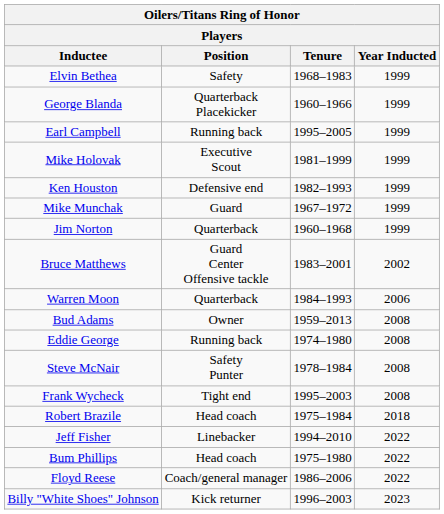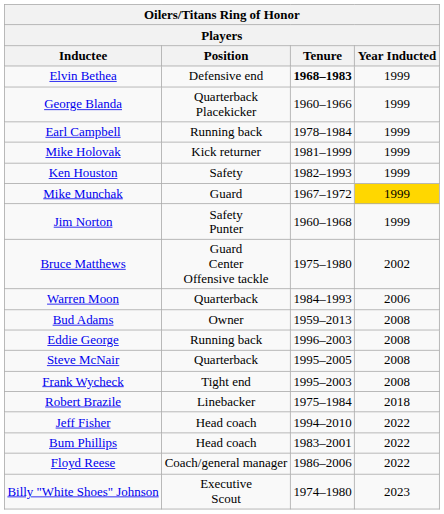 <table class="wikitable"  style="text-align:center">
 <tr>
 <th colspan="5">Oilers/Titans Ring of Honor</th>
 </tr>
 <tr>
 <th colspan="5">Players</th>
 </tr>
 <tr>
 <th scope="col">Inductee</th>
 <th scope="col">Position</th>
 <th scope="col">Tenure</th>
 <th scope="col">Year Inducted</th>
 </tr>
 <tr>
 <td><a href='#'>Elvin Bethea</a></td>
-<td>Safety</td>
-<td>1968–1983</td>
+<td>Defensive end</td>
+<td><strong>1968–1983</strong></td>
 <td>1999</td>
 </tr>
 <tr>
 <td><a href='#'>George Blanda</a></td>
 <td>Quarterback<br>Placekicker</td>
 <td>1960–1966</td>
 <td>1999</td>
 </tr>
 <tr>
 <td><a href='#'>Earl Campbell</a></td>
 <td>Running back</td>
-<td>1995–2005</td>
+<td>1978–1984</td>
 <td>1999</td>
 </tr>
 <tr>
 <td><a href='#'>Mike Holovak</a></td>
-<td>Executive<br>Scout</td>
+<td>Kick returner</td>
 <td>1981–1999</td>
 <td>1999</td>
 </tr>
 <tr>
 <td><a href='#'>Ken Houston</a></td>
-<td>Defensive end</td>
+<td>Safety</td>
 <td>1982–1993</td>
 <td>1999</td>
 </tr>
 <tr>
 <td><a href='#'>Mike Munchak</a></td>
 <td>Guard</td>
 <td>1967–1972</td>
-<td>1999</td>
+<td style="background: gold;">1999</td>
 </tr>
 <tr>
 <td><a href='#'>Jim Norton</a></td>
-<td>Quarterback</td>
+<td>Safety<br>Punter</td>
 <td>1960–1968</td>
 <td>1999</td>
 </tr>
 <tr>
 <td><a href='#'>Bruce Matthews</a></td>
 <td>Guard<br>Center<br>Offensive tackle</td>
-<td>1983–2001</td>
+<td>1975–1980</td>
 <td>2002</td>
 </tr>
 <tr>
 <td><a href='#'>Warren Moon</a></td>
 <td>Quarterback</td>
 <td>1984–1993</td>
 <td>2006</td>
 </tr>
 <tr>
 <td><a href='#'>Bud Adams</a></td>
 <td>Owner</td>
 <td>1959–2013</td>
 <td>2008</td>
 </tr>
 <tr>
 <td><a href='#'>Eddie George</a></td>
 <td>Running back</td>
-<td>1974–1980</td>
+<td>1996–2003</td>
 <td>2008</td>
 </tr>
 <tr>
 <td><a href='#'>Steve McNair</a></td>
-<td>Safety<br>Punter</td>
-<td>1978–1984</td>
+<td>Quarterback</td>
+<td>1995–2005</td>
 <td>2008</td>
 </tr>
 <tr>
 <td><a href='#'>Frank Wycheck</a></td>
 <td>Tight end</td>
 <td>1995–2003</td>
 <td>2008</td>
 </tr>
 <tr>
 <td><a href='#'>Robert Brazile</a></td>
-<td>Head coach</td>
+<td>Linebacker</td>
 <td>1975–1984</td>
 <td>2018</td>
 </tr>
 <tr>
 <td><a href='#'>Jeff Fisher</a></td>
-<td>Linebacker</td>
+<td>Head coach</td>
 <td>1994–2010</td>
 <td>2022</td>
 </tr>
 <tr>
 <td><a href='#'>Bum Phillips</a></td>
 <td>Head coach</td>
-<td>1975–1980</td>
+<td>1983–2001</td>
 <td>2022</td>
 </tr>
 <tr>
 <td><a href='#'>Floyd Reese</a></td>
 <td>Coach/general manager</td>
 <td>1986–2006</td>
 <td>2022</td>
 </tr>
 <tr>
 <td><a href='#'>Billy "White Shoes" Johnson</a></td>
-<td>Kick returner</td>
-<td>1996–2003</td>
+<td>Executive<br>Scout</td>
+<td>1974–1980</td>
 <td>2023</td>
 </tr>
 </table>
